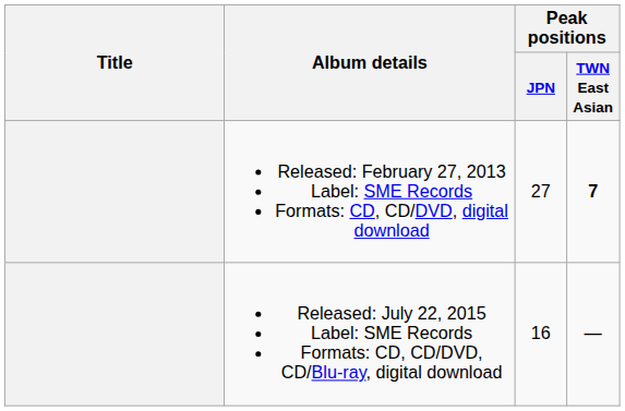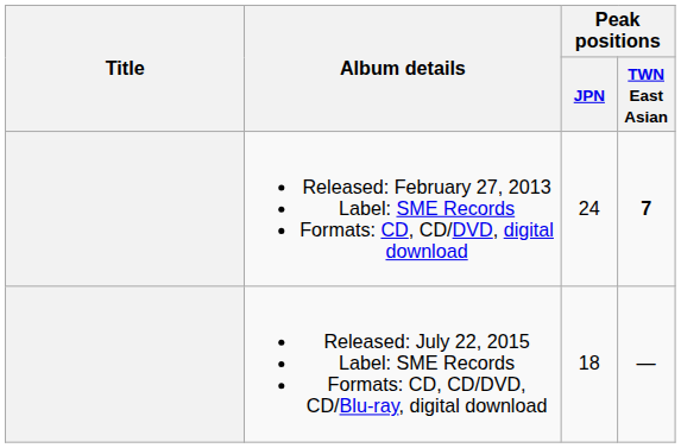 <table class="wikitable plainrowheaders" style="text-align:center;">
 <tr>
 <th style="width:12em;" rowspan="2">Title</th>
 <th style="width:16em;" rowspan="2">Album details</th>
 <th colspan="2">Peak positions</th>
 </tr>
 <tr>
 <th style="width:2.5em;"><small><a href='#'>JPN</a></small><br></th>
 <th style="width:2.5em;"><small><a href='#'>TWN</a> East Asian</small><br></th>
 </tr>
 <tr>
 <th scope="row"></th>
 <td><br><ul><li>Released: February 27, 2013</li><li>Label: <a href='#'>SME Records</a></li><li>Formats: <a href='#'>CD</a>, CD/<a href='#'>DVD</a>, <a href='#'>digital download</a></li></ul></td>
-<td>27</td>
+<td>24</td>
 <td><strong>7</strong></td>
 </tr>
 <tr>
 <th scope="row"></th>
 <td><br><ul><li>Released: July 22, 2015</li><li>Label: SME Records</li><li>Formats: CD, CD/DVD, CD/<a href='#'>Blu-ray</a>, digital download</li></ul></td>
-<td>16</td>
+<td>18</td>
 <td>—</td>
 </tr>
 </table>
